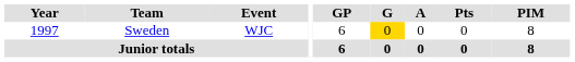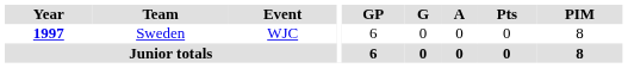 <table border="0" cellpadding="1" cellspacing="0" ID="Table3" style="text-align:center; width:40em">
 <tr ALIGN="center" bgcolor="#e0e0e0">
 <th>Year</th>
 <th>Team</th>
 <th>Event</th>
 <th rowspan="99" bgcolor="#ffffff"></th>
 <th>GP</th>
 <th>G</th>
 <th>A</th>
 <th>Pts</th>
 <th>PIM</th>
 </tr>
 <tr>
-<td><a href='#'>1997</a></td>
+<td><strong><a href='#'>1997</a></strong></td>
 <td><a href='#'>Sweden</a></td>
 <td><a href='#'>WJC</a></td>
 <td>6</td>
-<td style="background: gold;">0</td>
+<td>0</td>
 <td>0</td>
 <td>0</td>
 <td>8</td>
 </tr>
 <tr bgcolor="#e0e0e0">
 <th colspan="3">Junior totals</th>
 <th>6</th>
 <th>0</th>
 <th>0</th>
 <th>0</th>
 <th>8</th>
 </tr>
 </table>
